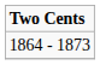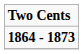 <table class="wikitable">
 <tr>
 <td><strong>Two Cents </strong></td>
 </tr>
 <tr>
-<td 1864-1873>1864 - 1873</td>
+<td 1864-1873><strong>1864 - 1873</strong></td>
 </tr>
 <tr>
 </tr>
 </table>
